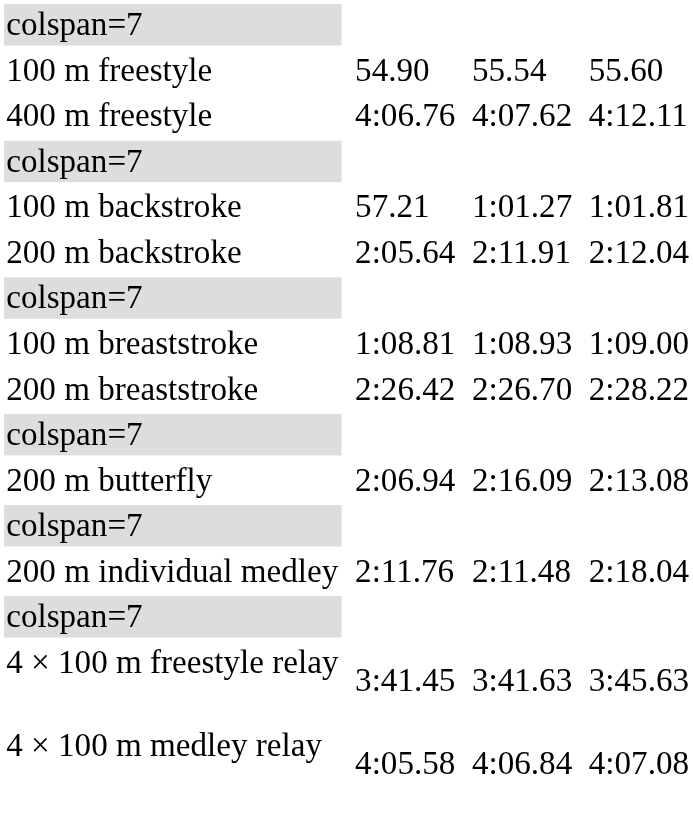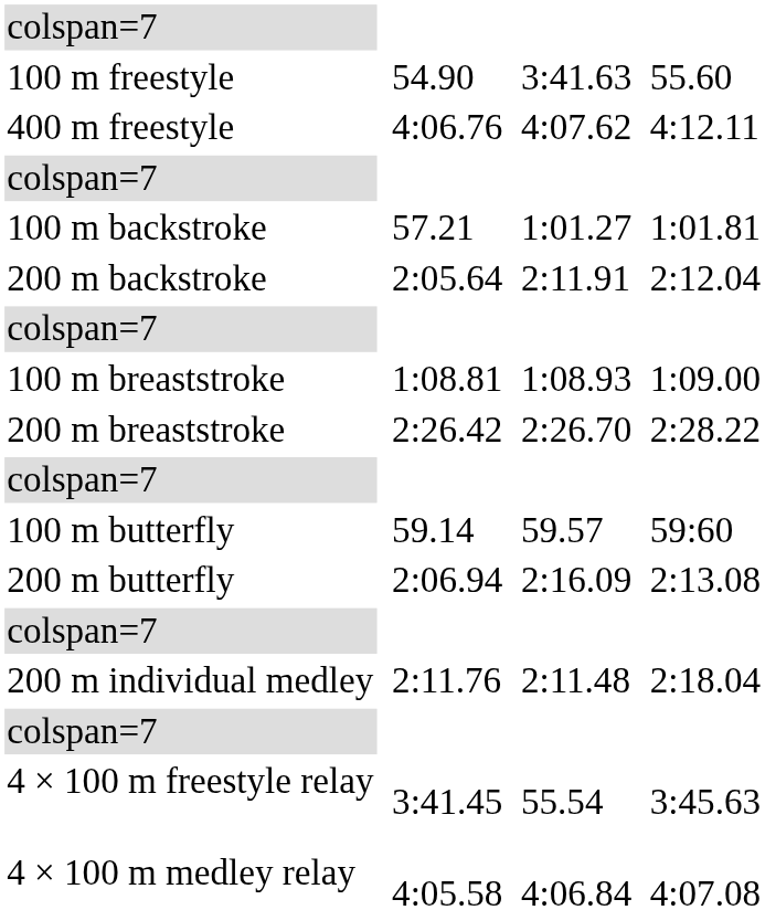 <table>
 <tr bgcolor=#DDDDDD>
 <td>colspan=7 </td>
 </tr>
 <tr>
 <td>100 m freestyle<br></td>
 <td></td>
 <td>54.90</td>
 <td></td>
-<td>55.54</td>
+<td>3:41.63</td>
 <td></td>
 <td>55.60</td>
 </tr>
 <tr>
 <td>400 m freestyle<br></td>
 <td></td>
 <td>4:06.76</td>
 <td></td>
 <td>4:07.62</td>
 <td></td>
 <td>4:12.11</td>
 </tr>
 <tr bgcolor=#DDDDDD>
 <td>colspan=7 </td>
 </tr>
 <tr>
 <td>100 m backstroke<br></td>
 <td></td>
 <td>57.21</td>
 <td></td>
 <td>1:01.27</td>
 <td></td>
 <td>1:01.81</td>
 </tr>
 <tr>
 <td>200 m backstroke<br></td>
 <td></td>
 <td>2:05.64</td>
 <td></td>
 <td>2:11.91</td>
 <td></td>
 <td>2:12.04</td>
 </tr>
 <tr bgcolor=#DDDDDD>
 <td>colspan=7 </td>
 </tr>
 <tr>
 <td>100 m breaststroke<br></td>
 <td></td>
 <td>1:08.81</td>
 <td></td>
 <td>1:08.93</td>
 <td></td>
 <td>1:09.00</td>
 </tr>
 <tr>
 <td>200 m breaststroke<br></td>
 <td></td>
 <td>2:26.42</td>
 <td></td>
 <td>2:26.70</td>
 <td></td>
 <td>2:28.22</td>
 </tr>
 <tr bgcolor=#DDDDDD>
 <td>colspan=7 </td>
 </tr>
 <tr>
+<td>100 m butterfly<br></td>
+<td></td>
+<td>59.14</td>
+<td></td>
+<td>59.57</td>
+<td></td>
+<td>59:60</td>
+</tr>
+<tr>
 <td>200 m butterfly<br></td>
 <td></td>
 <td>2:06.94</td>
 <td></td>
 <td>2:16.09</td>
 <td></td>
 <td>2:13.08</td>
 </tr>
 <tr bgcolor=#DDDDDD>
 <td>colspan=7 </td>
 </tr>
 <tr>
 <td>200 m individual medley<br></td>
 <td></td>
 <td>2:11.76</td>
 <td></td>
 <td>2:11.48</td>
 <td></td>
 <td>2:18.04</td>
 </tr>
 <tr bgcolor=#DDDDDD>
 <td>colspan=7 </td>
 </tr>
 <tr>
 <td>4 × 100 m freestyle relay<br><br></td>
 <td></td>
 <td>3:41.45</td>
 <td></td>
-<td>3:41.63</td>
+<td>55.54</td>
 <td></td>
 <td>3:45.63</td>
 </tr>
 <tr>
 <td>4 × 100 m medley relay<br><br></td>
 <td></td>
 <td>4:05.58</td>
 <td></td>
 <td>4:06.84</td>
 <td></td>
 <td>4:07.08</td>
 </tr>
 </table>
